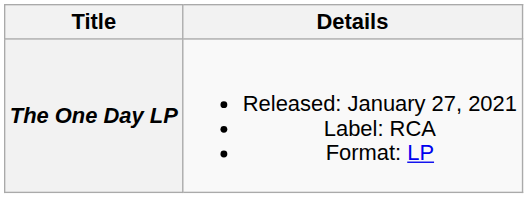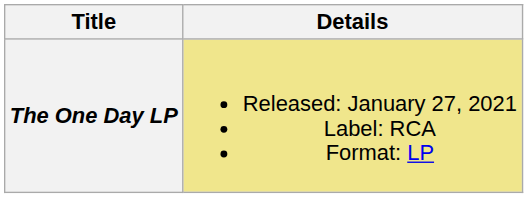 <table class="wikitable plainrowheaders" style="text-align:center;">
 <tr>
 <th scope="col">Title</th>
 <th scope="col">Details</th>
 </tr>
 <tr>
 <th scope="row"><em>The One Day LP</em></th>
-<td><br><ul><li>Released: January 27, 2021</li><li>Label: RCA</li><li>Format: <a href='#'>LP</a></li></ul></td>
+<td style="background: khaki;"><br><ul><li>Released: January 27, 2021</li><li>Label: RCA</li><li>Format: <a href='#'>LP</a></li></ul></td>
 </tr>
 </table>
